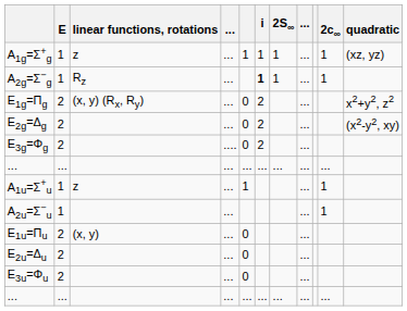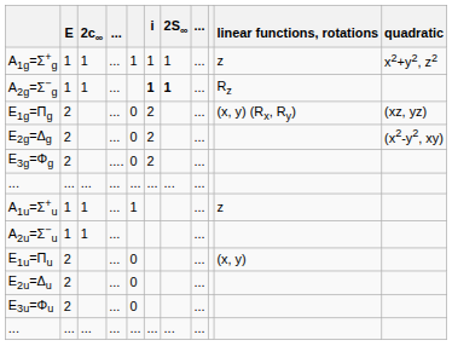 <table class="wikitable">
 <tr>
 <th></th>
 <th><br>E</th>
-<th><br>linear functions, rotations</th>
+<th><br>2c<sub>∞</sub><sup></sup></th>
 <th><br>...</th>
 <th><br></th>
 <th>i</th>
 <th>2S<sub>∞</sub><sup></sup></th>
 <th>...</th>
 <th><br></th>
-<th><br>2c<sub>∞</sub><sup></sup></th>
+<th><br>linear functions, rotations</th>
 <th><br>quadratic</th>
 </tr>
 <tr>
 <td>A<sub>1g</sub>=Σ<sup>+</sup><sub>g</sub></td>
 <td>1</td>
-<td>z</td>
+<td>1</td>
 <td>...</td>
 <td>1</td>
 <td>1</td>
 <td>1</td>
 <td>...</td>
 <td></td>
-<td>1</td>
-<td>(xz, yz)</td>
+<td>z</td>
+<td>x<sup>2</sup>+y<sup>2</sup>, z<sup>2</sup></td>
 </tr>
 <tr>
 <td>A<sub>2g</sub>=Σ<sup>−</sup><sub>g</sub></td>
 <td>1</td>
-<td>R<sub>z</sub></td>
+<td>1</td>
 <td>...</td>
 <td></td>
 <td><strong>1</strong></td>
-<td>1</td>
+<td><strong>1</strong></td>
 <td>...</td>
 <td></td>
-<td>1</td>
+<td>R<sub>z</sub></td>
 <td></td>
 </tr>
 <tr>
 <td>E<sub>1g</sub>=Π<sub>g</sub></td>
 <td>2</td>
-<td>(x, y) (R<sub>x</sub>, R<sub>y</sub>)</td>
+<td></td>
 <td>...</td>
 <td>0</td>
 <td>2</td>
 <td></td>
 <td>...</td>
 <td></td>
-<td></td>
-<td>x<sup>2</sup>+y<sup>2</sup>, z<sup>2</sup></td>
+<td>(x, y) (R<sub>x</sub>, R<sub>y</sub>)</td>
+<td>(xz, yz)</td>
 </tr>
 <tr>
 <td>E<sub>2g</sub>=Δ<sub>g</sub></td>
 <td>2</td>
 <td></td>
 <td>...</td>
 <td>0</td>
 <td>2</td>
 <td></td>
 <td>...</td>
 <td></td>
 <td></td>
 <td>(x<sup>2</sup>-y<sup>2</sup>, xy)</td>
 </tr>
 <tr>
 <td>E<sub>3g</sub>=Φ<sub>g</sub></td>
 <td>2</td>
 <td></td>
 <td>....</td>
 <td>0</td>
 <td>2</td>
 <td></td>
 <td>...</td>
 <td></td>
 <td></td>
 <td></td>
 </tr>
 <tr>
 <td>...</td>
 <td>...</td>
-<td></td>
+<td>...</td>
 <td>...</td>
 <td>...</td>
 <td>...</td>
 <td>...</td>
 <td>...</td>
 <td></td>
-<td>...</td>
+<td></td>
 <td></td>
 </tr>
 <tr>
 <td>A<sub>1u</sub>=Σ<sup>+</sup><sub>u</sub></td>
 <td>1</td>
-<td>z</td>
+<td>1</td>
 <td>...</td>
 <td>1</td>
 <td></td>
 <td></td>
 <td>...</td>
 <td></td>
-<td>1</td>
+<td>z</td>
 <td></td>
 </tr>
 <tr>
 <td>A<sub>2u</sub>=Σ<sup>−</sup><sub>u</sub></td>
 <td>1</td>
-<td></td>
+<td>1</td>
 <td>...</td>
 <td></td>
 <td></td>
 <td></td>
 <td>...</td>
 <td></td>
-<td>1</td>
+<td></td>
 <td></td>
 </tr>
 <tr>
 <td>E<sub>1u</sub>=Π<sub>u</sub></td>
 <td>2</td>
-<td>(x, y)</td>
+<td></td>
 <td>...</td>
 <td>0</td>
 <td></td>
 <td></td>
 <td>...</td>
 <td></td>
-<td></td>
+<td>(x, y)</td>
 <td></td>
 </tr>
 <tr>
 <td>E<sub>2u</sub>=Δ<sub>u</sub></td>
 <td>2</td>
 <td></td>
 <td>...</td>
 <td>0</td>
 <td></td>
 <td></td>
 <td>...</td>
 <td></td>
 <td></td>
 <td></td>
 </tr>
 <tr>
 <td>E<sub>3u</sub>=Φ<sub>u</sub></td>
 <td>2</td>
 <td></td>
 <td>...</td>
 <td>0</td>
 <td></td>
 <td></td>
 <td>...</td>
 <td></td>
 <td></td>
 <td></td>
 </tr>
 <tr>
 <td>...</td>
 <td>...</td>
-<td></td>
+<td>...</td>
 <td>...</td>
 <td>...</td>
 <td>...</td>
 <td>...</td>
 <td>...</td>
 <td></td>
-<td>...</td>
+<td></td>
 <td></td>
 </tr>
 </table>
